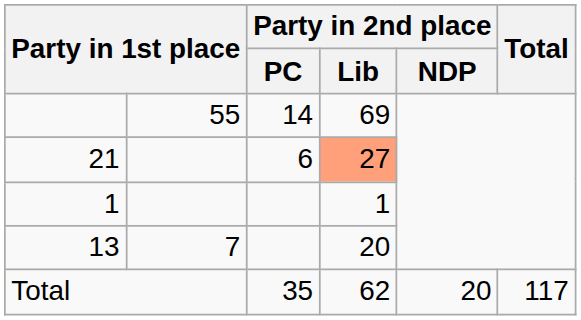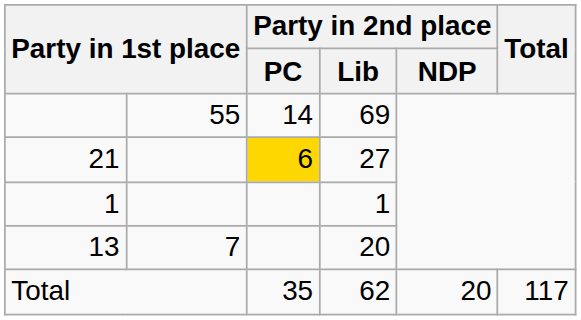 <table class="wikitable" style="text-align:right;">
 <tr>
 <th rowspan="2" colspan="2" style="text-align:left;">Party in 1st place</th>
 <th colspan="3">Party in 2nd place</th>
 <th rowspan="2">Total</th>
 </tr>
 <tr>
 <th>PC</th>
 <th>Lib</th>
 <th>NDP</th>
 </tr>
 <tr>
 <td></td>
 <td>55</td>
 <td>14</td>
 <td>69</td>
 </tr>
 <tr>
 <td>21</td>
 <td></td>
-<td>6</td>
-<td style="background: lightsalmon;">27</td>
+<td style="background: gold;">6</td>
+<td>27</td>
 </tr>
 <tr>
 <td>1</td>
 <td></td>
 <td></td>
 <td>1</td>
 </tr>
 <tr>
 <td>13</td>
 <td>7</td>
 <td></td>
 <td>20</td>
 </tr>
 <tr>
 <td colspan="2" style="text-align:left;">Total</td>
 <td>35</td>
 <td>62</td>
 <td>20</td>
 <td>117</td>
 </tr>
 </table>
